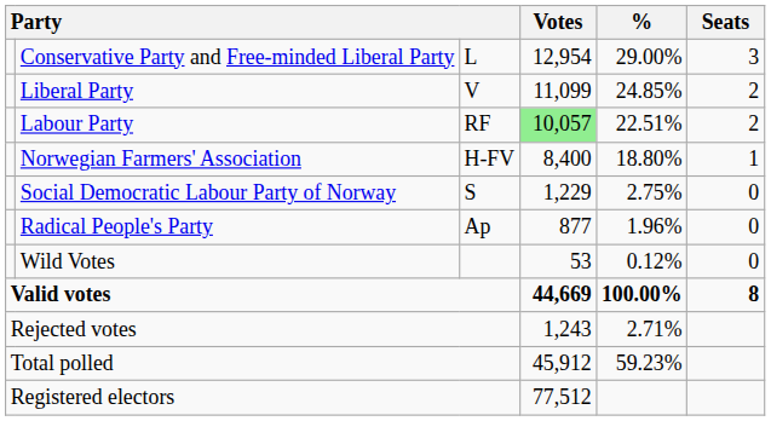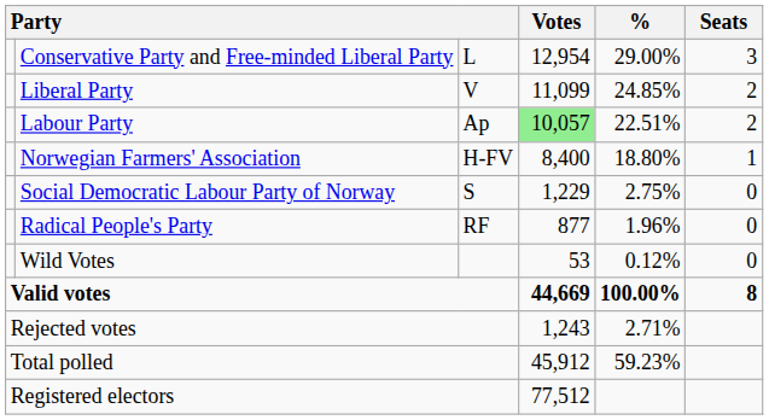 <table class="wikitable" border="1" style="text-align:right;">
 <tr>
 <th style="text-align:left;" colspan=3>Party</th>
 <th align=center width="50">Votes</th>
 <th align=center width="50">%</th>
 <th align=center width="50">Seats</th>
 </tr>
 <tr>
 <td></td>
 <td align=left><a href='#'>Conservative Party</a> and <a href='#'>Free-minded Liberal Party</a></td>
 <td align=left>L</td>
 <td>12,954</td>
 <td>29.00%</td>
 <td>3</td>
 </tr>
 <tr>
 <td style="color:inherit;background:"></td>
 <td align=left><a href='#'>Liberal Party</a></td>
 <td align=left>V</td>
 <td>11,099</td>
 <td>24.85%</td>
 <td>2</td>
 </tr>
 <tr>
 <td style="color:inherit;background:"></td>
 <td align=left><a href='#'>Labour Party</a></td>
-<td align=left>RF</td>
+<td align=left>Ap</td>
 <td style="background: lightgreen;">10,057</td>
 <td>22.51%</td>
 <td>2</td>
 </tr>
 <tr>
 <td style="color:inherit;background:"></td>
 <td align=left><a href='#'>Norwegian Farmers' Association</a></td>
 <td align=left>H-FV</td>
 <td>8,400</td>
 <td>18.80%</td>
 <td>1</td>
 </tr>
 <tr>
 <td style="color:inherit;background:"></td>
 <td align=left><a href='#'>Social Democratic Labour Party of Norway</a></td>
 <td align=left>S</td>
 <td>1,229</td>
 <td>2.75%</td>
 <td>0</td>
 </tr>
 <tr>
 <td></td>
 <td align=left><a href='#'>Radical People's Party</a></td>
-<td align=left>Ap</td>
+<td align=left>RF</td>
 <td>877</td>
 <td>1.96%</td>
 <td>0</td>
 </tr>
 <tr>
 <td></td>
 <td align=left>Wild Votes</td>
 <td align=left></td>
 <td>53</td>
 <td>0.12%</td>
 <td>0</td>
 </tr>
 <tr style="font-weight:bold">
 <td align=left colspan=3>Valid votes</td>
 <td>44,669</td>
 <td>100.00%</td>
 <td>8</td>
 </tr>
 <tr>
 <td align=left colspan=3>Rejected votes</td>
 <td>1,243</td>
 <td>2.71%</td>
 <td></td>
 </tr>
 <tr>
 <td align=left colspan=3>Total polled</td>
 <td>45,912</td>
 <td>59.23%</td>
 <td></td>
 </tr>
 <tr>
 <td align=left colspan=3>Registered electors</td>
 <td>77,512</td>
 <td></td>
 <td></td>
 </tr>
 </table>
